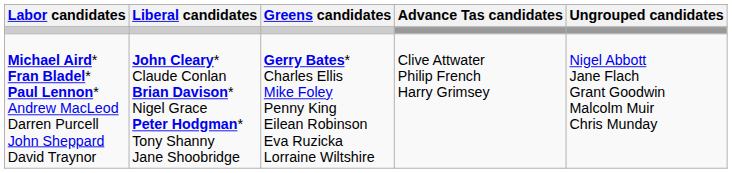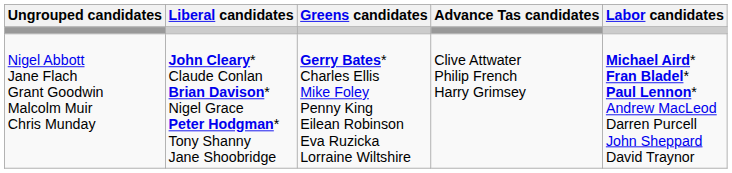 <table class="wikitable">
 <tr>
-<th><a href='#'>Labor</a> candidates</th>
+<th>Ungrouped candidates</th>
 <th><a href='#'>Liberal</a> candidates</th>
 <th><a href='#'>Greens</a> candidates</th>
 <th>Advance Tas candidates</th>
-<th>Ungrouped candidates</th>
+<th><a href='#'>Labor</a> candidates</th>
 </tr>
 <tr bgcolor="#cccccc">
-<td></td>
+<td bgcolor="#999999"></td>
 <td></td>
 <td></td>
 <td bgcolor="#999999"></td>
-<td bgcolor="#999999"></td>
+<td></td>
 </tr>
 <tr>
-<td><br><strong><a href='#'>Michael Aird</a></strong>*<br> <strong><a href='#'>Fran Bladel</a></strong>*<br> <strong><a href='#'>Paul Lennon</a></strong>*<br> <a href='#'>Andrew MacLeod</a><br> Darren Purcell<br> <a href='#'>John Sheppard</a><br> David Traynor</td>
+<td valign=top><br><a href='#'>Nigel Abbott</a><br> Jane Flach<br> Grant Goodwin<br> Malcolm Muir<br> Chris Munday</td>
 <td><br><strong><a href='#'>John Cleary</a></strong>*<br> Claude Conlan<br> <strong><a href='#'>Brian Davison</a></strong>*<br> Nigel Grace<br> <strong><a href='#'>Peter Hodgman</a></strong>*<br> Tony Shanny<br> Jane Shoobridge</td>
 <td><br><strong><a href='#'>Gerry Bates</a></strong>*<br> Charles Ellis<br> <a href='#'>Mike Foley</a><br> Penny King<br> Eilean Robinson<br> Eva Ruzicka<br> Lorraine Wiltshire</td>
 <td valign=top><br>Clive Attwater<br> Philip French<br> Harry Grimsey</td>
-<td valign=top><br><a href='#'>Nigel Abbott</a><br> Jane Flach<br> Grant Goodwin<br> Malcolm Muir<br> Chris Munday</td>
+<td><br><strong><a href='#'>Michael Aird</a></strong>*<br> <strong><a href='#'>Fran Bladel</a></strong>*<br> <strong><a href='#'>Paul Lennon</a></strong>*<br> <a href='#'>Andrew MacLeod</a><br> Darren Purcell<br> <a href='#'>John Sheppard</a><br> David Traynor</td>
 </tr>
 </table>
